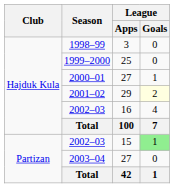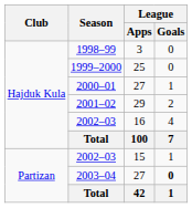 <table class="wikitable" style="text-align:center">
 <tr>
 <th rowspan="2">Club</th>
 <th rowspan="2">Season</th>
 <th colspan="2">League</th>
 </tr>
 <tr>
 <th>Apps</th>
 <th>Goals</th>
 </tr>
 <tr>
 <td rowspan="6"><a href='#'>Hajduk Kula</a></td>
 <td><a href='#'>1998–99</a></td>
 <td>3</td>
 <td>0</td>
 </tr>
 <tr>
 <td><a href='#'>1999–2000</a></td>
 <td>25</td>
 <td>0</td>
 </tr>
 <tr>
 <td><a href='#'>2000–01</a></td>
 <td>27</td>
 <td>1</td>
 </tr>
 <tr>
 <td><a href='#'>2001–02</a></td>
 <td>29</td>
-<td style="background: lightyellow;">2</td>
+<td>2</td>
 </tr>
 <tr>
 <td><a href='#'>2002–03</a></td>
 <td>16</td>
 <td>4</td>
 </tr>
 <tr>
 <th>Total</th>
 <th>100</th>
 <th>7</th>
 </tr>
 <tr>
 <td rowspan="3"><a href='#'>Partizan</a></td>
 <td><a href='#'>2002–03</a></td>
 <td>15</td>
-<td style="background: lightgreen;">1</td>
+<td>1</td>
 </tr>
 <tr>
 <td><a href='#'>2003–04</a></td>
 <td>27</td>
-<td>0</td>
+<td><strong>0</strong></td>
 </tr>
 <tr>
 <th>Total</th>
 <th>42</th>
 <th>1</th>
 </tr>
 </table>
